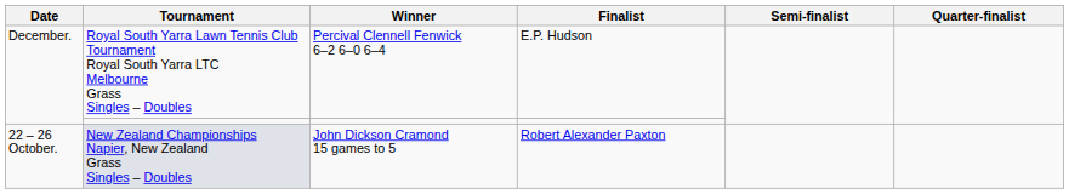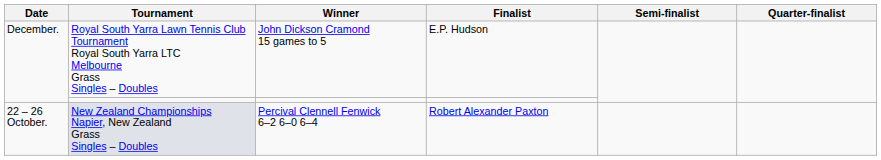 <table class="wikitable" style="font-size:85%;">
 <tr>
 <th width="75">Date</th>
 <th width="230">Tournament</th>
 <th width="210">Winner</th>
 <th width="210">Finalist</th>
 <th width="170">Semi-finalist</th>
 <th width="170">Quarter-finalist</th>
 </tr>
 <tr valign=top>
 <td rowspan=2>December.</td>
 <td><a href='#'>Royal South Yarra Lawn Tennis Club Tournament</a> <br> Royal South Yarra LTC <br><a href='#'>Melbourne</a><br>Grass<br><a href='#'>Singles</a> – <a href='#'>Doubles</a></td>
-<td> <a href='#'>Percival Clennell Fenwick</a><br>6–2 6–0 6–4</td>
+<td> <a href='#'>John Dickson Cramond</a><br>15 games to 5</td>
 <td> E.P. Hudson</td>
 <td rowspan=2></td>
 <td rowspan=2></td>
 </tr>
 <tr valign=top>
 <td></td>
 <td></td>
 </tr>
 <tr valign=top>
 <td rowspan=2>22 – 26 October.</td>
 <td style="background:#dfe2e9" rowspan=2><a href='#'>New Zealand Championships</a> <br> <a href='#'>Napier</a>, New Zealand<br>Grass<br><a href='#'>Singles</a> – <a href='#'>Doubles</a></td>
-<td> <a href='#'>John Dickson Cramond</a><br>15 games to 5</td>
+<td> <a href='#'>Percival Clennell Fenwick</a><br>6–2 6–0 6–4</td>
 <td> <a href='#'>Robert Alexander Paxton</a></td>
 <td rowspan=2></td>
 <td rowspan=2></td>
 </tr>
 </table>
